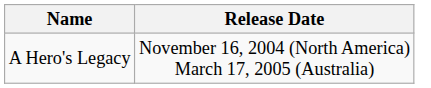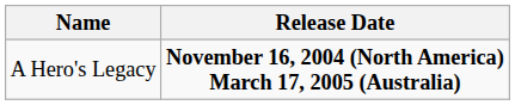 <table class="wikitable" style="text-align:center;">
 <tr>
 <th>Name</th>
 <th>Release Date</th>
 </tr>
 <tr>
 <td>A Hero's Legacy</td>
-<td>November 16, 2004 (North America)<br>March 17, 2005 (Australia)</td>
+<td><strong>November 16, 2004 (North America)<br>March 17, 2005 (Australia)</strong></td>
 </tr>
 </table>
